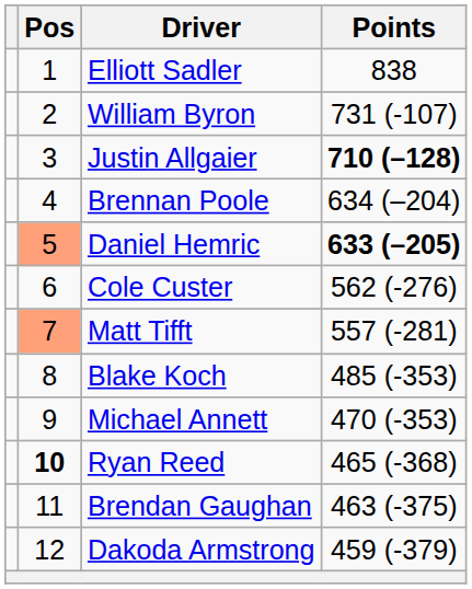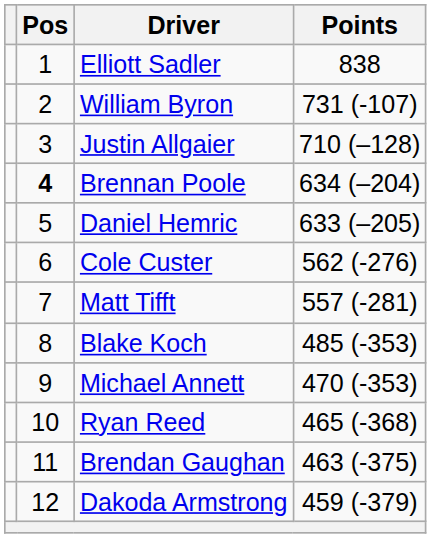 <table class="wikitable" style="font-size: 95%;">
 <tr>
 <th></th>
 <th>Pos</th>
 <th>Driver</th>
 <th>Points</th>
 </tr>
 <tr>
 <td align="left"></td>
 <td style="text-align:center;">1</td>
 <td><a href='#'>Elliott Sadler</a></td>
 <td style="text-align:center;">838</td>
 </tr>
 <tr>
 <td align="left"></td>
 <td style="text-align:center;">2</td>
 <td><a href='#'>William Byron</a></td>
 <td style="text-align:center;">731 (-107)</td>
 </tr>
 <tr>
 <td align="left"></td>
 <td style="text-align:center;">3</td>
 <td><a href='#'>Justin Allgaier</a></td>
-<td style="text-align:center;"><strong>710 (–128)</strong></td>
+<td style="text-align:center;">710 (–128)</td>
 </tr>
 <tr>
 <td align="left"></td>
-<td style="text-align:center;">4</td>
+<td style="text-align:center;"><strong>4</strong></td>
 <td><a href='#'>Brennan Poole</a></td>
 <td style="text-align:center;">634 (–204)</td>
 </tr>
 <tr>
 <td align="left"></td>
-<td style="background: lightsalmon; text-align:center;">5</td>
+<td style="text-align:center;">5</td>
 <td><a href='#'>Daniel Hemric</a></td>
-<td style="text-align:center;"><strong>633 (–205)</strong></td>
+<td style="text-align:center;">633 (–205)</td>
 </tr>
 <tr>
 <td align="left"></td>
 <td style="text-align:center;">6</td>
 <td><a href='#'>Cole Custer</a></td>
 <td style="text-align:center;">562 (-276)</td>
 </tr>
 <tr>
 <td align="left"></td>
-<td style="background: lightsalmon; text-align:center;">7</td>
+<td style="text-align:center;">7</td>
 <td><a href='#'>Matt Tifft</a></td>
 <td style="text-align:center;">557 (-281)</td>
 </tr>
 <tr>
 <td align="left"></td>
 <td style="text-align:center;">8</td>
 <td><a href='#'>Blake Koch</a></td>
 <td style="text-align:center;">485 (-353)</td>
 </tr>
 <tr>
 <td align="left"></td>
 <td style="text-align:center;">9</td>
 <td><a href='#'>Michael Annett</a></td>
 <td style="text-align:center;">470 (-353)</td>
 </tr>
 <tr>
 <td align="left"></td>
-<td style="text-align:center;"><strong>10</strong></td>
+<td style="text-align:center;">10</td>
 <td><a href='#'>Ryan Reed</a></td>
 <td style="text-align:center;">465 (-368)</td>
 </tr>
 <tr>
 <td align="left"></td>
 <td style="text-align:center;">11</td>
 <td><a href='#'>Brendan Gaughan</a></td>
 <td style="text-align:center;">463 (-375)</td>
 </tr>
 <tr>
 <td align="left"></td>
 <td style="text-align:center;">12</td>
 <td><a href='#'>Dakoda Armstrong</a></td>
 <td style="text-align:center;">459 (-379)</td>
 </tr>
 <tr class="sortbottom">
 <th colspan="9"></th>
 </tr>
 </table>
